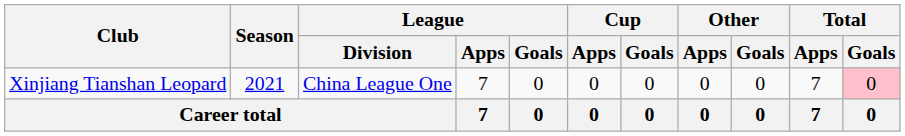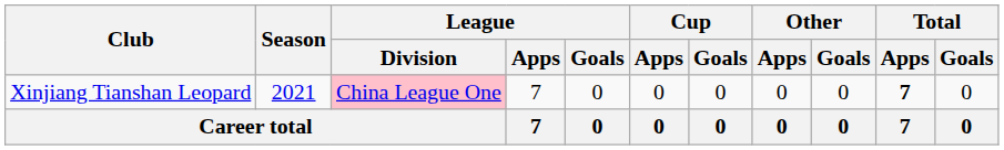 <table class="wikitable" style="text-align: center">
 <tr>
 <th rowspan="2">Club</th>
 <th rowspan="2">Season</th>
 <th colspan="3">League</th>
 <th colspan="2">Cup</th>
 <th colspan="2">Other</th>
 <th colspan="2">Total</th>
 </tr>
 <tr>
 <th>Division</th>
 <th>Apps</th>
 <th>Goals</th>
 <th>Apps</th>
 <th>Goals</th>
 <th>Apps</th>
 <th>Goals</th>
 <th>Apps</th>
 <th>Goals</th>
 </tr>
 <tr>
 <td><a href='#'>Xinjiang Tianshan Leopard</a></td>
 <td><a href='#'>2021</a></td>
-<td><a href='#'>China League One</a></td>
+<td style="background: pink;"><a href='#'>China League One</a></td>
 <td>7</td>
 <td>0</td>
 <td>0</td>
 <td>0</td>
 <td>0</td>
 <td>0</td>
-<td>7</td>
-<td style="background: pink;">0</td>
+<td><strong>7</strong></td>
+<td>0</td>
 </tr>
 <tr>
 <th colspan=3>Career total</th>
 <th>7</th>
 <th>0</th>
 <th>0</th>
 <th>0</th>
 <th>0</th>
 <th>0</th>
 <th>7</th>
 <th>0</th>
 </tr>
 </table>
